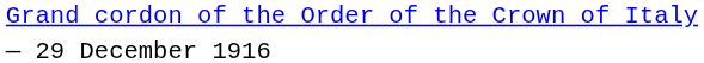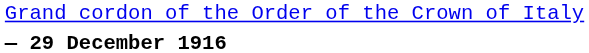 <table>
 <tr>
 <td rowspan=2 style="width:60px; vertical-align:top;"></td>
 <td><a href='#'>Grand cordon of the Order of the Crown of Italy</a></td>
 </tr>
 <tr>
-<td>— 29 December 1916</td>
+<td><strong>— 29 December 1916</strong></td>
 </tr>
 </table>
